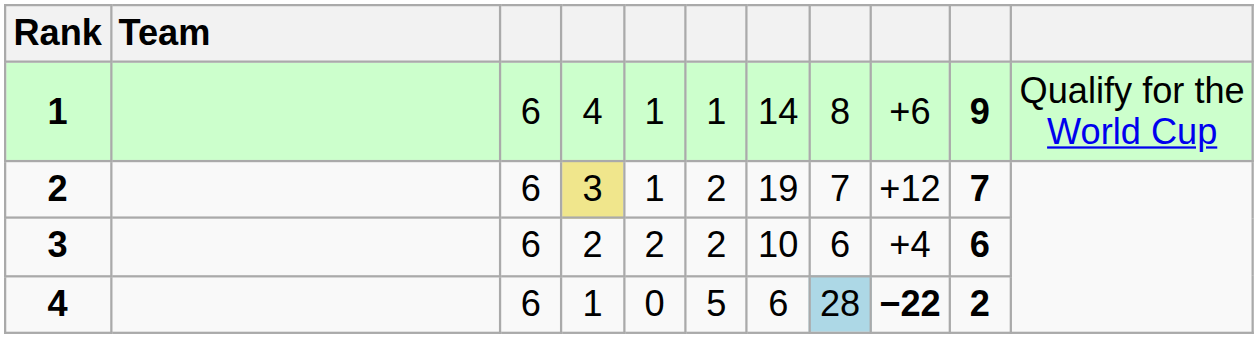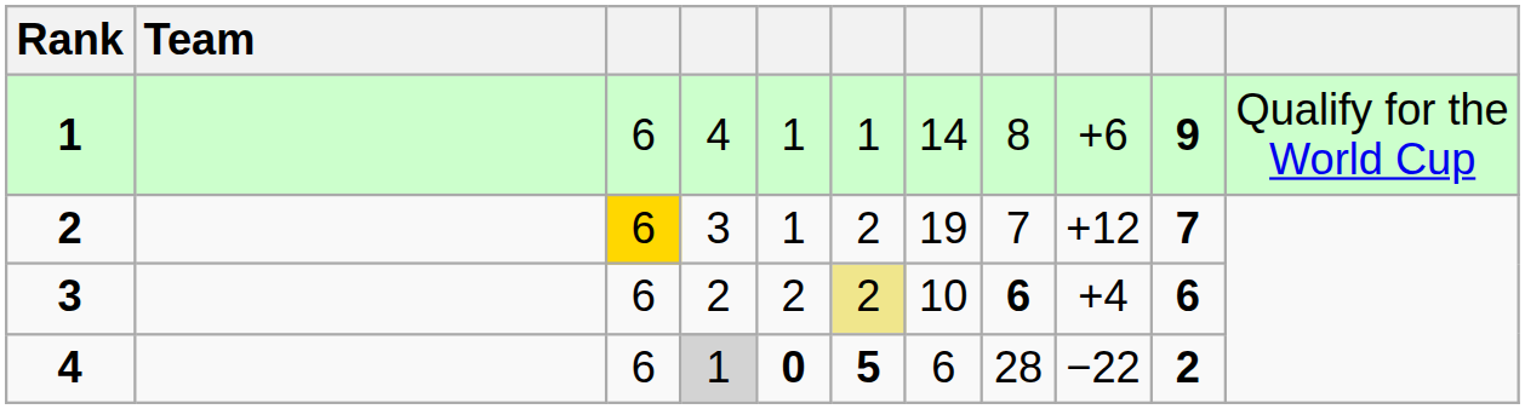 <table class="wikitable" style="text-align:center">
 <tr>
 <th width=30>Rank</th>
 <th width=165 style="text-align:left">Team</th>
 <th width=20></th>
 <th width=20></th>
 <th width=20></th>
 <th width=20></th>
 <th width=20></th>
 <th width=20></th>
 <th width=20></th>
 <th width=20></th>
 <th width=100></th>
 </tr>
 <tr bgcolor="#ccffcc">
 <td><strong>1</strong></td>
 <td align="left"></td>
 <td>6</td>
 <td>4</td>
 <td>1</td>
 <td>1</td>
 <td>14</td>
 <td>8</td>
 <td>+6</td>
 <td><strong>9</strong></td>
 <td col_=green1>Qualify for the <a href='#'>World Cup</a></td>
 </tr>
 <tr>
 <td><strong>2</strong></td>
 <td align="left"></td>
-<td>6</td>
-<td style="background: khaki;">3</td>
+<td style="background: gold;">6</td>
+<td>3</td>
 <td>1</td>
 <td>2</td>
 <td>19</td>
 <td>7</td>
 <td>+12</td>
 <td><strong>7</strong></td>
 </tr>
 <tr>
 <td><strong>3</strong></td>
 <td align="left"></td>
 <td>6</td>
 <td>2</td>
 <td>2</td>
-<td>2</td>
+<td style="background: khaki;">2</td>
 <td>10</td>
-<td>6</td>
+<td><strong>6</strong></td>
 <td>+4</td>
 <td><strong>6</strong></td>
 </tr>
 <tr>
 <td><strong>4</strong></td>
 <td align="left"></td>
 <td>6</td>
-<td>1</td>
-<td>0</td>
-<td>5</td>
+<td style="background: lightgrey;">1</td>
+<td><strong>0</strong></td>
+<td><strong>5</strong></td>
 <td>6</td>
-<td style="background: lightblue;">28</td>
-<td><strong>−22</strong></td>
+<td>28</td>
+<td>−22</td>
 <td><strong>2</strong></td>
 </tr>
 </table>
